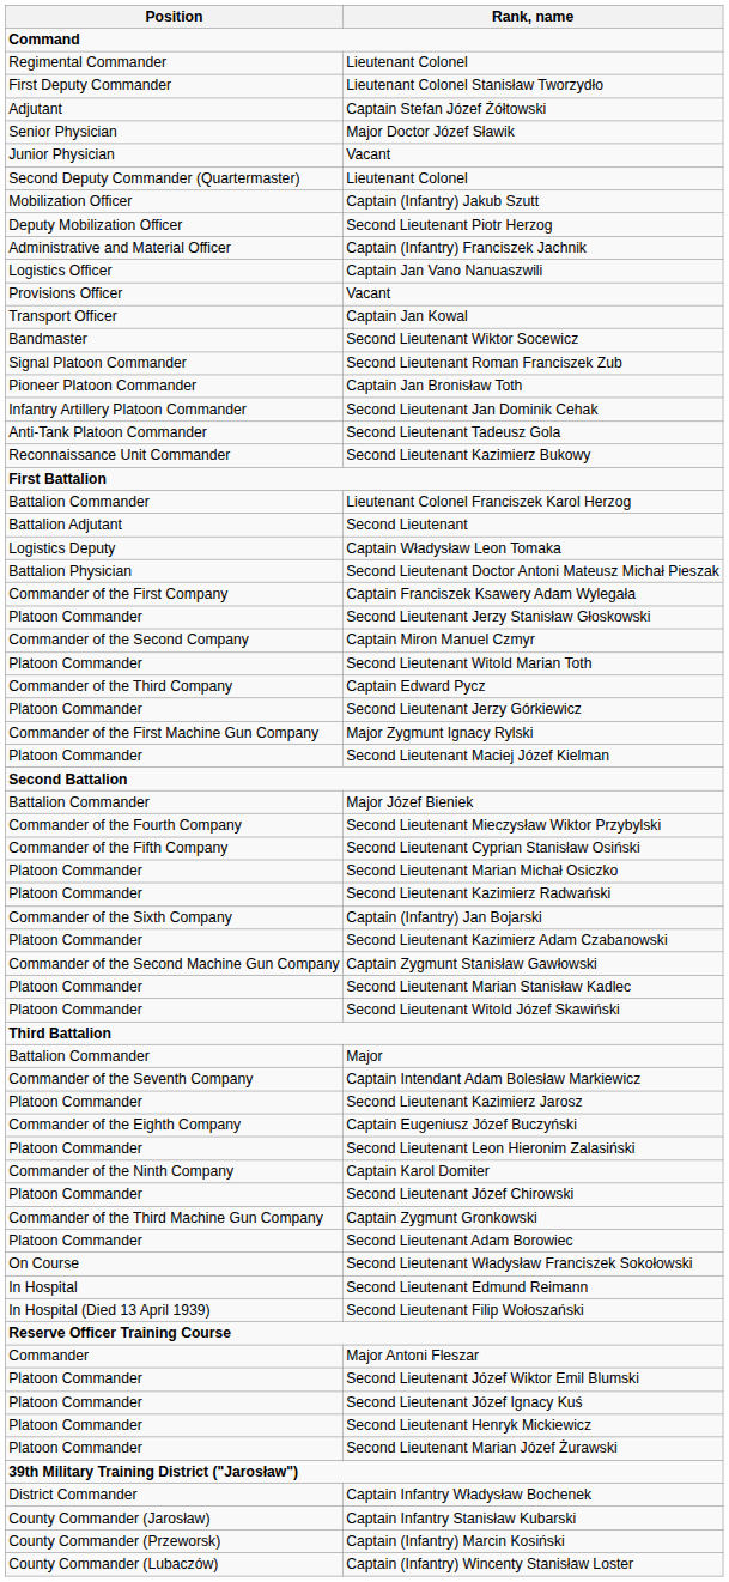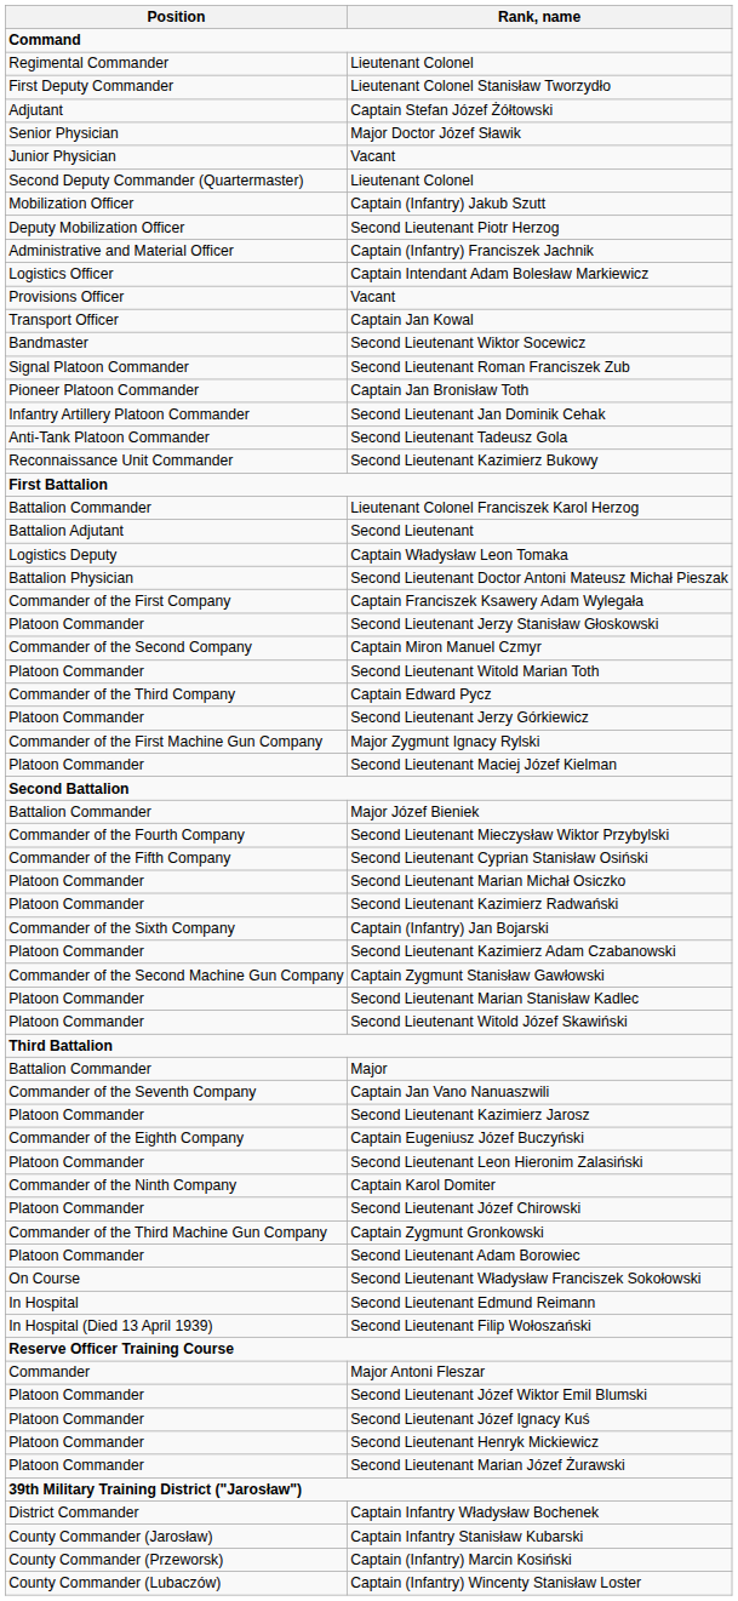 <table class="wikitable">
 <tr>
 <th><strong>Position</strong></th>
 <th><strong>Rank,</strong> <strong>name</strong></th>
 </tr>
 <tr>
 <td colspan="2"><strong>Command</strong></td>
 </tr>
 <tr>
 <td>Regimental Commander</td>
 <td>Lieutenant Colonel </td>
 </tr>
 <tr>
 <td>First Deputy Commander</td>
 <td>Lieutenant Colonel Stanisław Tworzydło</td>
 </tr>
 <tr>
 <td>Adjutant</td>
 <td>Captain Stefan Józef Żółtowski</td>
 </tr>
 <tr>
 <td>Senior Physician</td>
 <td>Major Doctor Józef Sławik</td>
 </tr>
 <tr>
 <td>Junior Physician</td>
 <td>Vacant</td>
 </tr>
 <tr>
 <td>Second Deputy Commander (Quartermaster)</td>
 <td>Lieutenant Colonel </td>
 </tr>
 <tr>
 <td>Mobilization Officer</td>
 <td>Captain (Infantry) Jakub Szutt</td>
 </tr>
 <tr>
 <td>Deputy Mobilization Officer</td>
 <td>Second Lieutenant Piotr Herzog</td>
 </tr>
 <tr>
 <td>Administrative and Material Officer</td>
 <td>Captain (Infantry) Franciszek Jachnik</td>
 </tr>
 <tr>
 <td>Logistics Officer</td>
-<td>Captain Jan Vano Nanuaszwili</td>
+<td>Captain Intendant Adam Bolesław Markiewicz</td>
 </tr>
 <tr>
 <td>Provisions Officer</td>
 <td>Vacant</td>
 </tr>
 <tr>
 <td>Transport Officer</td>
 <td>Captain Jan Kowal</td>
 </tr>
 <tr>
 <td>Bandmaster</td>
 <td>Second Lieutenant Wiktor Socewicz</td>
 </tr>
 <tr>
 <td>Signal Platoon Commander</td>
 <td>Second Lieutenant Roman Franciszek Zub</td>
 </tr>
 <tr>
 <td>Pioneer Platoon Commander</td>
 <td>Captain Jan Bronisław Toth</td>
 </tr>
 <tr>
 <td>Infantry Artillery Platoon Commander</td>
 <td>Second Lieutenant Jan Dominik Cehak</td>
 </tr>
 <tr>
 <td>Anti-Tank Platoon Commander</td>
 <td>Second Lieutenant Tadeusz Gola</td>
 </tr>
 <tr>
 <td>Reconnaissance Unit Commander</td>
 <td>Second Lieutenant Kazimierz Bukowy</td>
 </tr>
 <tr>
 <td colspan="2"><strong>First Battalion</strong></td>
 </tr>
 <tr>
 <td>Battalion Commander</td>
 <td>Lieutenant Colonel Franciszek Karol Herzog</td>
 </tr>
 <tr>
 <td>Battalion Adjutant</td>
 <td>Second Lieutenant </td>
 </tr>
 <tr>
 <td>Logistics Deputy</td>
 <td>Captain Władysław Leon Tomaka</td>
 </tr>
 <tr>
 <td>Battalion Physician</td>
 <td>Second Lieutenant Doctor Antoni Mateusz Michał Pieszak</td>
 </tr>
 <tr>
 <td>Commander of the First Company</td>
 <td>Captain Franciszek Ksawery Adam Wylegała</td>
 </tr>
 <tr>
 <td>Platoon Commander</td>
 <td>Second Lieutenant Jerzy Stanisław Głoskowski</td>
 </tr>
 <tr>
 <td>Commander of the Second Company</td>
 <td>Captain Miron Manuel Czmyr</td>
 </tr>
 <tr>
 <td>Platoon Commander</td>
 <td>Second Lieutenant Witold Marian Toth</td>
 </tr>
 <tr>
 <td>Commander of the Third Company</td>
 <td>Captain Edward Pycz</td>
 </tr>
 <tr>
 <td>Platoon Commander</td>
 <td>Second Lieutenant Jerzy Górkiewicz</td>
 </tr>
 <tr>
 <td>Commander of the First Machine Gun Company</td>
 <td>Major Zygmunt Ignacy Rylski</td>
 </tr>
 <tr>
 <td>Platoon Commander</td>
 <td>Second Lieutenant Maciej Józef Kielman</td>
 </tr>
 <tr>
 <td colspan="2"><strong>Second Battalion</strong></td>
 </tr>
 <tr>
 <td>Battalion Commander</td>
 <td>Major Józef Bieniek</td>
 </tr>
 <tr>
 <td>Commander of the Fourth Company</td>
 <td>Second Lieutenant Mieczysław Wiktor Przybylski</td>
 </tr>
 <tr>
 <td>Commander of the Fifth Company</td>
 <td>Second Lieutenant Cyprian Stanisław Osiński</td>
 </tr>
 <tr>
 <td>Platoon Commander</td>
 <td>Second Lieutenant Marian Michał Osiczko</td>
 </tr>
 <tr>
 <td>Platoon Commander</td>
 <td>Second Lieutenant Kazimierz Radwański</td>
 </tr>
 <tr>
 <td>Commander of the Sixth Company</td>
 <td>Captain (Infantry) Jan Bojarski</td>
 </tr>
 <tr>
 <td>Platoon Commander</td>
 <td>Second Lieutenant Kazimierz Adam Czabanowski</td>
 </tr>
 <tr>
 <td>Commander of the Second Machine Gun Company</td>
 <td>Captain Zygmunt Stanisław Gawłowski</td>
 </tr>
 <tr>
 <td>Platoon Commander</td>
 <td>Second Lieutenant Marian Stanisław Kadlec</td>
 </tr>
 <tr>
 <td>Platoon Commander</td>
 <td>Second Lieutenant Witold Józef Skawiński</td>
 </tr>
 <tr>
 <td colspan="2"><strong>Third Battalion</strong></td>
 </tr>
 <tr>
 <td>Battalion Commander</td>
 <td>Major </td>
 </tr>
 <tr>
 <td>Commander of the Seventh Company</td>
-<td>Captain Intendant Adam Bolesław Markiewicz</td>
+<td>Captain Jan Vano Nanuaszwili</td>
 </tr>
 <tr>
 <td>Platoon Commander</td>
 <td>Second Lieutenant Kazimierz Jarosz</td>
 </tr>
 <tr>
 <td>Commander of the Eighth Company</td>
 <td>Captain Eugeniusz Józef Buczyński</td>
 </tr>
 <tr>
 <td>Platoon Commander</td>
 <td>Second Lieutenant Leon Hieronim Zalasiński</td>
 </tr>
 <tr>
 <td>Commander of the Ninth Company</td>
 <td>Captain Karol Domiter</td>
 </tr>
 <tr>
 <td>Platoon Commander</td>
 <td>Second Lieutenant Józef Chirowski</td>
 </tr>
 <tr>
 <td>Commander of the Third Machine Gun Company</td>
 <td>Captain Zygmunt Gronkowski</td>
 </tr>
 <tr>
 <td>Platoon Commander</td>
 <td>Second Lieutenant Adam Borowiec</td>
 </tr>
 <tr>
 <td>On Course</td>
 <td>Second Lieutenant Władysław Franciszek Sokołowski</td>
 </tr>
 <tr>
 <td>In Hospital</td>
 <td>Second Lieutenant Edmund Reimann</td>
 </tr>
 <tr>
 <td>In Hospital (Died 13 April 1939)</td>
 <td>Second Lieutenant Filip Wołoszański</td>
 </tr>
 <tr>
 <td colspan="2"><strong>Reserve Officer Training Course</strong></td>
 </tr>
 <tr>
 <td>Commander</td>
 <td>Major Antoni Fleszar</td>
 </tr>
 <tr>
 <td>Platoon Commander</td>
 <td>Second Lieutenant Józef Wiktor Emil Blumski</td>
 </tr>
 <tr>
 <td>Platoon Commander</td>
 <td>Second Lieutenant Józef Ignacy Kuś</td>
 </tr>
 <tr>
 <td>Platoon Commander</td>
 <td>Second Lieutenant Henryk Mickiewicz</td>
 </tr>
 <tr>
 <td>Platoon Commander</td>
 <td>Second Lieutenant Marian Józef Żurawski</td>
 </tr>
 <tr>
 <td colspan="2"><strong>39th Military Training District ("Jarosław")</strong></td>
 </tr>
 <tr>
 <td>District Commander</td>
 <td>Captain Infantry Władysław Bochenek</td>
 </tr>
 <tr>
 <td>County Commander (Jarosław)</td>
 <td>Captain Infantry Stanisław Kubarski</td>
 </tr>
 <tr>
 <td>County Commander (Przeworsk)</td>
 <td>Captain (Infantry) Marcin Kosiński</td>
 </tr>
 <tr>
 <td>County Commander (Lubaczów)</td>
 <td>Captain (Infantry) Wincenty Stanisław Loster</td>
 </tr>
 </table>
